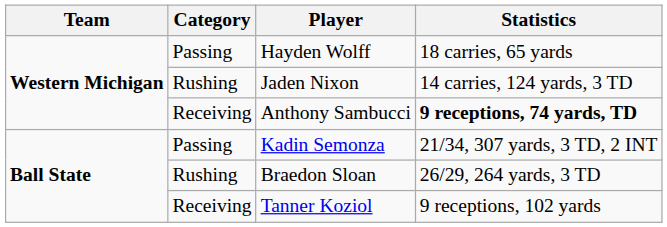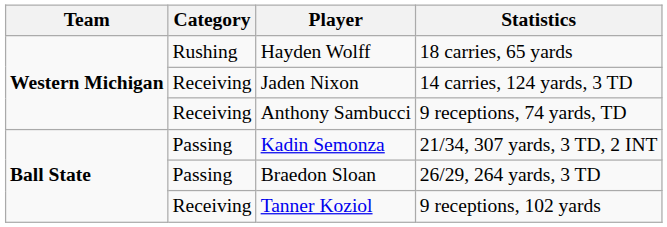 <table class="wikitable" style="float: right;">
 <tr>
 <th>Team</th>
 <th>Category</th>
 <th>Player</th>
 <th>Statistics</th>
 </tr>
 <tr>
 <td rowspan=3><strong>Western Michigan</strong></td>
-<td>Passing</td>
+<td>Rushing</td>
 <td>Hayden Wolff</td>
 <td>18 carries, 65 yards</td>
 </tr>
 <tr>
-<td>Rushing</td>
+<td>Receiving</td>
 <td>Jaden Nixon</td>
 <td>14 carries, 124 yards, 3 TD</td>
 </tr>
 <tr>
 <td>Receiving</td>
 <td>Anthony Sambucci</td>
-<td><strong>9 receptions, 74 yards, TD</strong></td>
+<td>9 receptions, 74 yards, TD</td>
 </tr>
 <tr>
 <td rowspan=3><strong>Ball State</strong></td>
 <td>Passing</td>
 <td><a href='#'>Kadin Semonza</a></td>
 <td>21/34, 307 yards, 3 TD, 2 INT</td>
 </tr>
 <tr>
-<td>Rushing</td>
+<td>Passing</td>
 <td>Braedon Sloan</td>
 <td>26/29, 264 yards, 3 TD</td>
 </tr>
 <tr>
 <td>Receiving</td>
 <td><a href='#'>Tanner Koziol</a></td>
 <td>9 receptions, 102 yards</td>
 </tr>
 </table>
